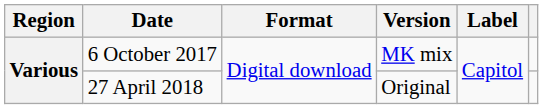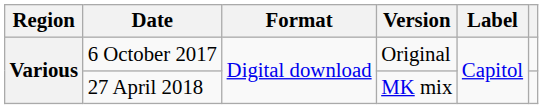 <table class="wikitable plainrowheaders">
 <tr>
 <th>Region</th>
 <th>Date</th>
 <th>Format</th>
 <th>Version</th>
 <th>Label</th>
 <th></th>
 </tr>
 <tr>
 <th scope="row" rowspan="2">Various</th>
 <td>6 October 2017</td>
 <td rowspan="2"><a href='#'>Digital download</a></td>
-<td><a href='#'>MK</a> mix</td>
+<td>Original</td>
 <td rowspan="2"><a href='#'>Capitol</a></td>
 <td></td>
 </tr>
 <tr>
 <td>27 April 2018</td>
-<td>Original</td>
+<td><a href='#'>MK</a> mix</td>
 <td></td>
 </tr>
 </table>
